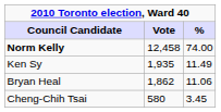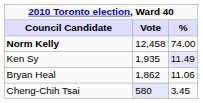 <table class="wikitable">
 <tr>
 <td Colspan="3" align="center"><strong><a href='#'>2010 Toronto election</a>, Ward 40</strong></td>
 </tr>
 <tr>
 <th style="background:#ddf; width:200px;">Council Candidate</th>
 <th style="background:#ddf; width:50px;">Vote</th>
 <th style="background:#ddf; width:30px;">%</th>
 </tr>
 <tr>
 <td><strong>Norm Kelly</strong></td>
 <td>12,458</td>
 <td>74.00</td>
 </tr>
 <tr>
 <td>Ken Sy</td>
 <td>1,935</td>
-<td>11.49</td>
+<td style="background: lavender;">11.49</td>
 </tr>
 <tr>
 <td>Bryan Heal</td>
 <td>1,862</td>
 <td>11.06</td>
 </tr>
 <tr>
 <td>Cheng-Chih Tsai</td>
-<td>580</td>
+<td style="background: lavender;">580</td>
 <td>3.45</td>
 </tr>
 </table>
